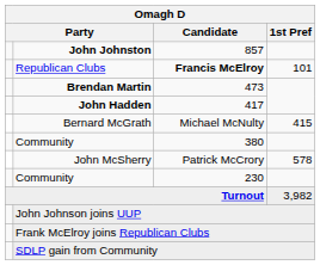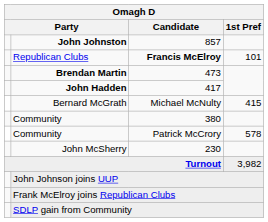 <table class="wikitable">
 <tr>
 <th colspan="4" align="center">Omagh D</th>
 </tr>
 <tr>
 <th colspan="2" align="center" width=200>Party</th>
 <th width=150>Candidate</th>
 <th width=60>1st Pref</th>
 </tr>
 <tr>
 <td></td>
 <td align="right"><strong>John Johnston</strong></td>
 <td align="right">857</td>
 </tr>
 <tr>
 <td style="background-color: "></td>
 <td><a href='#'>Republican Clubs</a></td>
 <td align="right"><strong>Francis McElroy</strong></td>
 <td align="right">101</td>
 </tr>
 <tr>
 <td></td>
 <td align="right"><strong>Brendan Martin</strong></td>
 <td align="right">473</td>
 </tr>
 <tr>
 <td></td>
 <td align="right"><strong>John Hadden</strong></td>
 <td align="right">417</td>
 </tr>
 <tr>
 <td style="background-color: #FFFFFF"></td>
 <td align="right">Bernard McGrath</td>
 <td align="right">Michael McNulty</td>
 <td align="right">415</td>
 </tr>
 <tr>
 <td></td>
 <td>Community</td>
 <td align="right">380</td>
 </tr>
 <tr>
 <td style="background-color: #FFFFFF"></td>
-<td align="right">John McSherry</td>
+<td>Community</td>
 <td align="right">Patrick McCrory</td>
 <td align="right">578</td>
 </tr>
 <tr>
 <td></td>
-<td>Community</td>
+<td align="right">John McSherry</td>
 <td align="right">230</td>
 </tr>
 <tr bgcolor="EEEEEE">
 <td colspan=3 align="right"><strong><a href='#'>Turnout</a></strong></td>
 <td align="right">3,982</td>
 </tr>
 <tr>
 <td bgcolor=></td>
 <td colspan=3 bgcolor="EEEEEE">John Johnson joins <a href='#'>UUP</a></td>
 </tr>
 <tr>
 <td bgcolor=></td>
 <td colspan=3 bgcolor="EEEEEE">Frank McElroy joins <a href='#'>Republican Clubs</a></td>
 </tr>
 <tr>
 <td bgcolor=></td>
 <td colspan=3 bgcolor="EEEEEE"><a href='#'>SDLP</a> gain from Community</td>
 </tr>
 </table>
